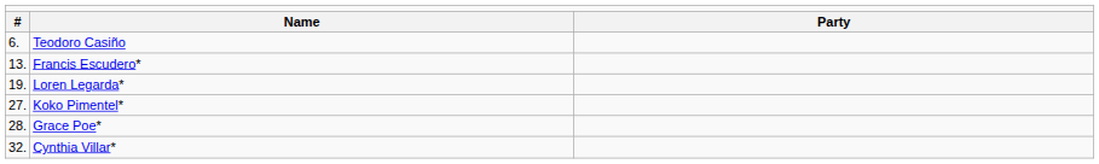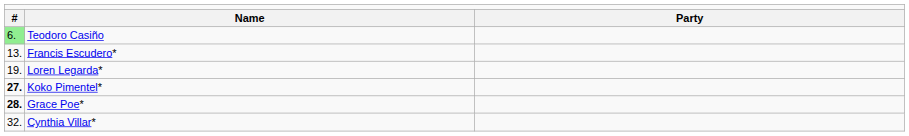 <table class=wikitable style="font-size:95%" width=99%>
 <tr>
 <td colspan=4 bgcolor=></td>
 </tr>
 <tr>
 <th width=2%>#</th>
 <th width=50%>Name</th>
 <th colspan=2>Party</th>
 </tr>
 <tr>
-<td>6.</td>
+<td style="background: lightgreen;">6.</td>
 <td><a href='#'>Teodoro Casiño</a></td>
 <td></td>
 </tr>
 <tr>
 <td>13.</td>
 <td><a href='#'>Francis Escudero</a>*</td>
 <td></td>
 </tr>
 <tr>
 <td>19.</td>
 <td><a href='#'>Loren Legarda</a>*</td>
 <td></td>
 </tr>
 <tr>
-<td>27.</td>
+<td><strong>27.</strong></td>
 <td><a href='#'>Koko Pimentel</a>*</td>
 <td></td>
 </tr>
 <tr>
-<td>28.</td>
+<td><strong>28.</strong></td>
 <td><a href='#'>Grace Poe</a>*</td>
 <td></td>
 </tr>
 <tr>
 <td>32.</td>
 <td><a href='#'>Cynthia Villar</a>*</td>
 <td></td>
 </tr>
 </table>
